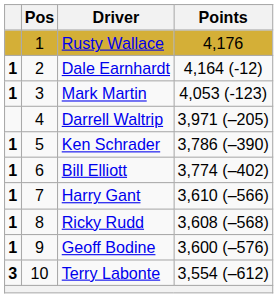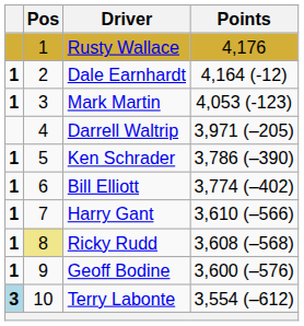 <table class="wikitable" style="font-size: 95%;">
 <tr>
 <th></th>
 <th>Pos</th>
 <th>Driver</th>
 <th>Points</th>
 </tr>
 <tr style="background:#D4AF37;">
 <td align="left"></td>
 <td style="text-align:center;">1</td>
 <td><a href='#'>Rusty Wallace</a></td>
 <td style="text-align:center;">4,176</td>
 </tr>
 <tr>
 <td align="left">  <strong>1</strong></td>
 <td style="text-align:center;">2</td>
 <td><a href='#'>Dale Earnhardt</a></td>
 <td style="text-align:center;">4,164 (-12)</td>
 </tr>
 <tr>
 <td align="left">  <strong>1</strong></td>
 <td style="text-align:center;">3</td>
 <td><a href='#'>Mark Martin</a></td>
 <td style="text-align:center;">4,053 (-123)</td>
 </tr>
 <tr>
 <td align="left"></td>
 <td style="text-align:center;">4</td>
 <td><a href='#'>Darrell Waltrip</a></td>
 <td style="text-align:center;">3,971 (–205)</td>
 </tr>
 <tr>
 <td align="left">  <strong>1</strong></td>
 <td style="text-align:center;">5</td>
 <td><a href='#'>Ken Schrader</a></td>
 <td style="text-align:center;">3,786 (–390)</td>
 </tr>
 <tr>
 <td align="left">  <strong>1</strong></td>
 <td style="text-align:center;">6</td>
 <td><a href='#'>Bill Elliott</a></td>
 <td style="text-align:center;">3,774 (–402)</td>
 </tr>
 <tr>
 <td align="left">  <strong>1</strong></td>
 <td style="text-align:center;">7</td>
 <td><a href='#'>Harry Gant</a></td>
 <td style="text-align:center;">3,610 (–566)</td>
 </tr>
 <tr>
 <td align="left">  <strong>1</strong></td>
-<td style="text-align:center;">8</td>
+<td style="background: khaki; text-align:center;">8</td>
 <td><a href='#'>Ricky Rudd</a></td>
 <td style="text-align:center;">3,608 (–568)</td>
 </tr>
 <tr>
 <td align="left">  <strong>1</strong></td>
 <td style="text-align:center;">9</td>
 <td><a href='#'>Geoff Bodine</a></td>
 <td style="text-align:center;">3,600 (–576)</td>
 </tr>
 <tr>
-<td align="left">  <strong>3</strong></td>
+<td align="left" style="background: lightblue;">  <strong>3</strong></td>
 <td style="text-align:center;">10</td>
 <td><a href='#'>Terry Labonte</a></td>
 <td style="text-align:center;">3,554 (–612)</td>
 </tr>
 <tr class="sortbottom">
 <th colspan="9"></th>
 </tr>
 </table>
